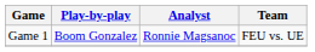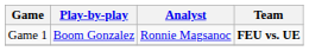 <table class=wikitable>
 <tr>
 <th>Game</th>
 <th><a href='#'>Play-by-play</a></th>
 <th><a href='#'>Analyst</a></th>
 <th>Team</th>
 </tr>
 <tr>
 <td>Game 1</td>
 <td><a href='#'>Boom Gonzalez</a></td>
 <td><a href='#'>Ronnie Magsanoc</a></td>
-<td>FEU vs. UE</td>
+<td><strong>FEU vs. UE</strong></td>
 </tr>
 <tr>
 </tr>
 </table>
